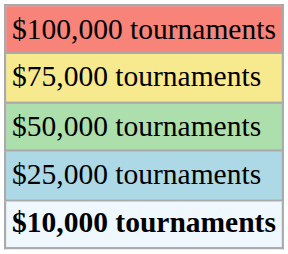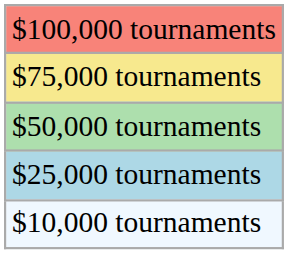 <table class="wikitable" style="font-size:85%;">
 <tr style="background:;">
 <td bgcolor=f88379>$100,000 tournaments</td>
 </tr>
 <tr style="background:;">
 <td bgcolor=f7e98e>$75,000 tournaments</td>
 </tr>
 <tr style="background:;">
 <td bgcolor=addfad>$50,000 tournaments</td>
 </tr>
 <tr style="background:;">
 <td bgcolor=lightblue>$25,000 tournaments</td>
 </tr>
 <tr style="background:;">
-<td bgcolor=f0f8ff><strong>$10,000 tournaments</strong></td>
+<td bgcolor=f0f8ff>$10,000 tournaments</td>
 </tr>
 </table>
